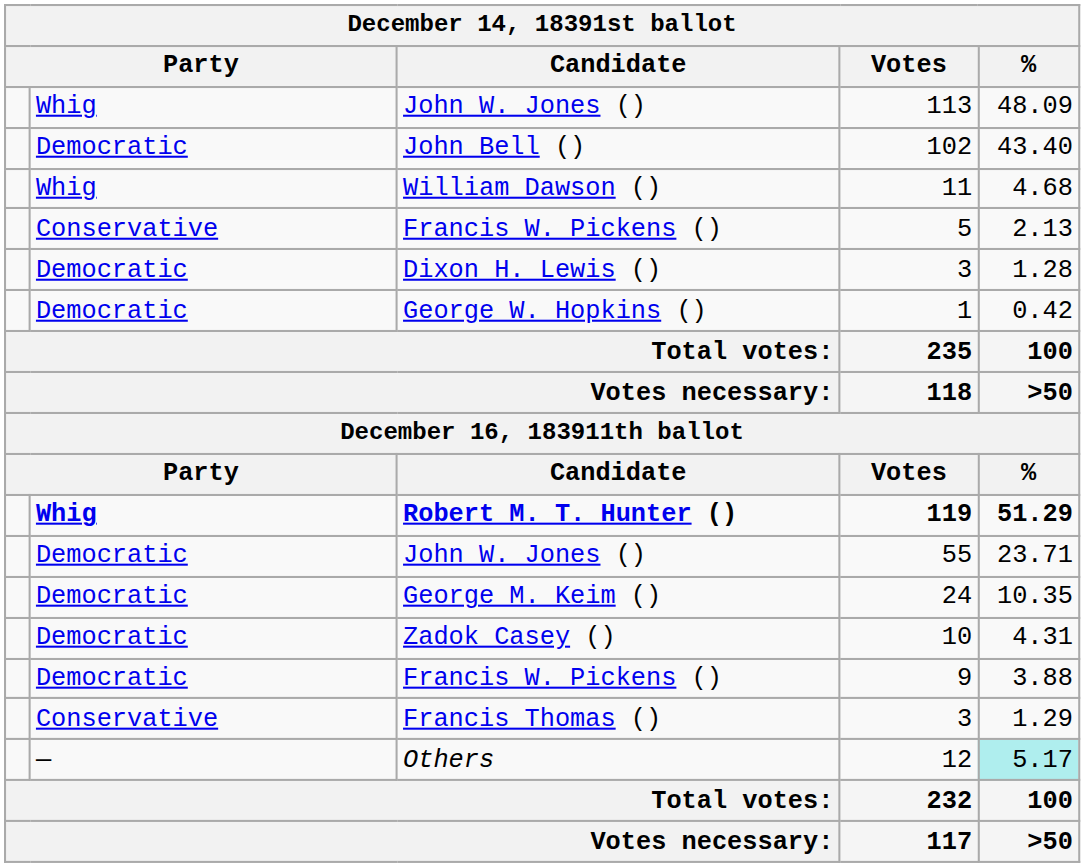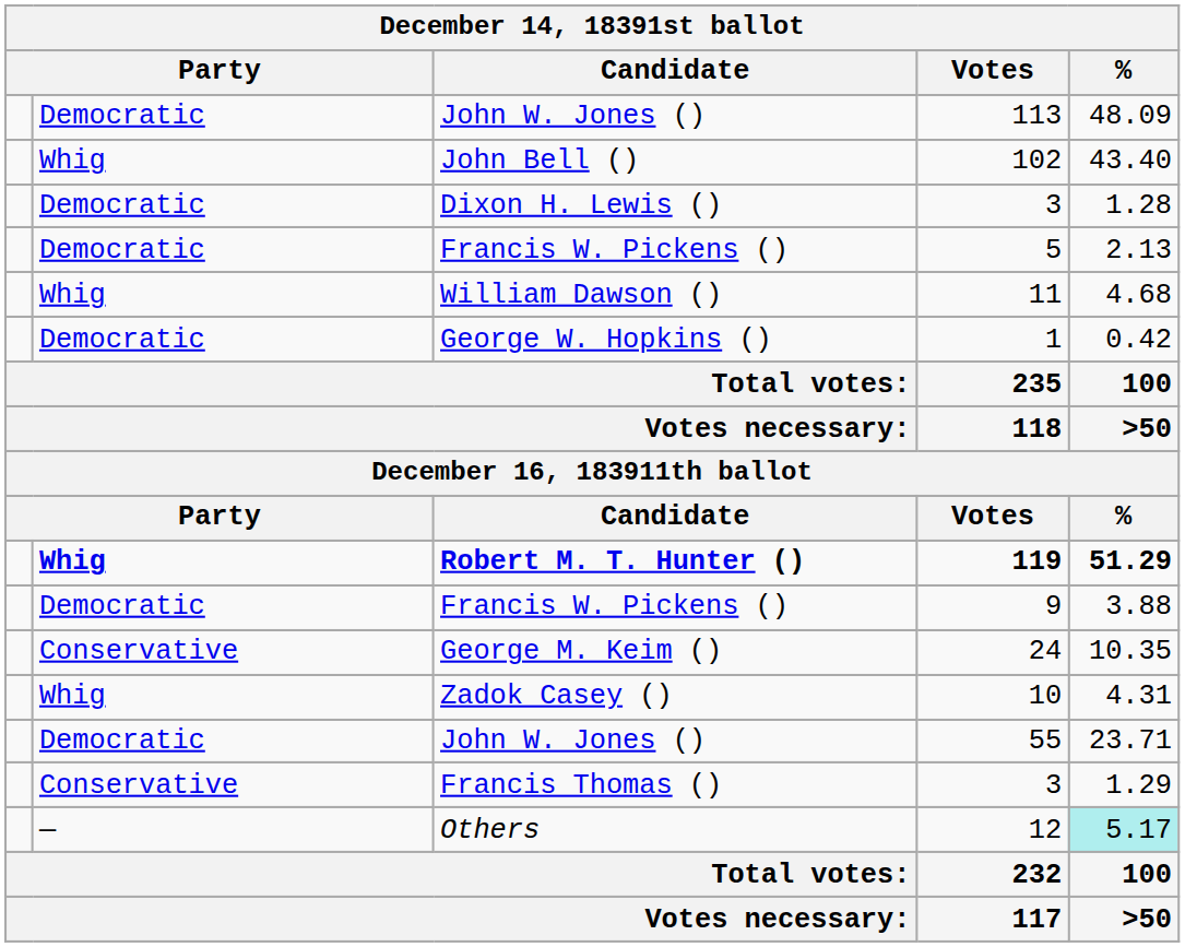 <table class="wikitable" style="margin-right:1em; font-size:95%">
 <tr>
 <th colspan=5 style="font-size:95%">December 14, 18391st ballot</th>
 </tr>
 <tr>
 <th scope="col" colspan="2" style="width: 15em">Party</th>
 <th scope="col" style="width: 17em">Candidate</th>
 <th scope="col" style="width: 5em">Votes</th>
 <th scope="col" style="width: 3.5em">%</th>
 </tr>
 <tr>
 <td style="width: 0.5em; background:"></td>
-<td><a href='#'>Whig</a></td>
+<td><a href='#'>Democratic</a></td>
 <td><a href='#'>John W. Jones</a> ()</td>
 <td style="text-align:right">113</td>
 <td style="text-align:right">48.09</td>
 </tr>
 <tr>
 <td style="background:"></td>
-<td><a href='#'>Democratic</a></td>
+<td><a href='#'>Whig</a></td>
 <td><a href='#'>John Bell</a> ()</td>
 <td style="text-align:right">102</td>
 <td style="text-align:right">43.40</td>
+</tr>
+<tr>
+<td style="background:"></td>
+<td><a href='#'>Democratic</a></td>
+<td><a href='#'>Dixon H. Lewis</a> ()</td>
+<td style="text-align:right">3</td>
+<td style="text-align:right">1.28</td>
+</tr>
+<tr>
+<td style="background:"></td>
+<td><a href='#'>Democratic</a></td>
+<td><a href='#'>Francis W. Pickens</a> ()</td>
+<td style="text-align:right">5</td>
+<td style="text-align:right">2.13</td>
 </tr>
 <tr>
 <td style="background:"></td>
 <td><a href='#'>Whig</a></td>
 <td><a href='#'>William Dawson</a> ()</td>
 <td style="text-align:right">11</td>
 <td style="text-align:right">4.68</td>
-</tr>
-<tr>
-<td style="background:"></td>
-<td><a href='#'>Conservative</a></td>
-<td><a href='#'>Francis W. Pickens</a> ()</td>
-<td style="text-align:right">5</td>
-<td style="text-align:right">2.13</td>
-</tr>
-<tr>
-<td style="background:"></td>
-<td><a href='#'>Democratic</a></td>
-<td><a href='#'>Dixon H. Lewis</a> ()</td>
-<td style="text-align:right">3</td>
-<td style="text-align:right">1.28</td>
 </tr>
 <tr>
 <td style="background:"></td>
 <td><a href='#'>Democratic</a></td>
 <td><a href='#'>George W. Hopkins</a> ()</td>
 <td style="text-align:right">1</td>
 <td style="text-align:right">0.42</td>
 </tr>
 <tr>
 <th colspan=3 style="text-align:right">Total votes:</th>
 <td style="text-align:right; background:#f5f5f5"><strong>235</strong></td>
 <td style="text-align:right; background:#f5f5f5"><strong>100</strong></td>
 </tr>
 <tr>
 <th colspan=3 style="text-align:right">Votes necessary:</th>
 <td style="text-align:right; background:#f5f5f5"><strong>118</strong></td>
 <td style="text-align:right; background:#f5f5f5"><strong>>50</strong></td>
 </tr>
 <tr>
 <th colspan=5 style="font-size:95%">December 16, 183911th ballot</th>
 </tr>
 <tr>
 <th scope="col" colspan="2" style="width: 15em">Party</th>
 <th scope="col" style="width: 17em">Candidate</th>
 <th scope="col" style="width: 5em">Votes</th>
 <th scope="col" style="width: 3.5em">%</th>
 </tr>
 <tr>
 <td style="background:"></td>
 <td><strong><a href='#'>Whig</a></strong></td>
 <td><strong><a href='#'>Robert M. T. Hunter</a> ()</strong></td>
 <td style="text-align:right"><strong>119</strong></td>
 <td style="text-align:right"><strong>51.29</strong></td>
 </tr>
 <tr>
 <td style="background:"></td>
 <td><a href='#'>Democratic</a></td>
-<td><a href='#'>John W. Jones</a> ()</td>
-<td style="text-align:right">55</td>
-<td style="text-align:right">23.71</td>
+<td><a href='#'>Francis W. Pickens</a> ()</td>
+<td style="text-align:right">9</td>
+<td style="text-align:right">3.88</td>
 </tr>
 <tr>
 <td style="background:"></td>
-<td><a href='#'>Democratic</a></td>
+<td><a href='#'>Conservative</a></td>
 <td><a href='#'>George M. Keim</a> ()</td>
 <td style="text-align:right">24</td>
 <td style="text-align:right">10.35</td>
 </tr>
 <tr>
 <td style="background:"></td>
-<td><a href='#'>Democratic</a></td>
+<td><a href='#'>Whig</a></td>
 <td><a href='#'>Zadok Casey</a> ()</td>
 <td style="text-align:right">10</td>
 <td style="text-align:right">4.31</td>
 </tr>
 <tr>
 <td style="background:"></td>
 <td><a href='#'>Democratic</a></td>
-<td><a href='#'>Francis W. Pickens</a> ()</td>
-<td style="text-align:right">9</td>
-<td style="text-align:right">3.88</td>
+<td><a href='#'>John W. Jones</a> ()</td>
+<td style="text-align:right">55</td>
+<td style="text-align:right">23.71</td>
 </tr>
 <tr>
 <td style="background:"></td>
 <td><a href='#'>Conservative</a></td>
 <td><a href='#'>Francis Thomas</a> ()</td>
 <td style="text-align:right">3</td>
 <td style="text-align:right">1.29</td>
 </tr>
 <tr>
 <td style="background:"></td>
 <td>—</td>
 <td><em>Others</em></td>
 <td style="text-align:right">12</td>
 <td style="background: paleturquoise; text-align:right">5.17</td>
 </tr>
 <tr>
 <th colspan=3 style="text-align:right">Total votes:</th>
 <td style="text-align:right; background:#f5f5f5"><strong>232</strong></td>
 <td style="text-align:right; background:#f5f5f5"><strong>100</strong></td>
 </tr>
 <tr>
 <th colspan=3 style="text-align:right">Votes necessary:</th>
 <td style="text-align:right; background:#f5f5f5"><strong>117</strong></td>
 <td style="text-align:right; background:#f5f5f5"><strong>>50</strong></td>
 </tr>
 </table>
